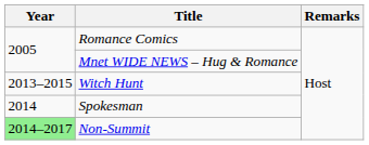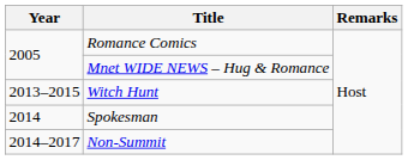 <table class="wikitable">
 <tr>
 <th>Year</th>
 <th>Title</th>
 <th>Remarks</th>
 </tr>
 <tr>
 <td rowspan="2">2005</td>
 <td><em>Romance Comics</em></td>
 <td rowspan="5">Host</td>
 </tr>
 <tr>
 <td><em><a href='#'>Mnet WIDE NEWS</a> – Hug & Romance</em></td>
 </tr>
 <tr>
 <td>2013–2015</td>
 <td><em><a href='#'>Witch Hunt</a></em></td>
 </tr>
 <tr>
 <td>2014</td>
 <td><em>Spokesman</em></td>
 </tr>
 <tr>
-<td style="background: lightgreen;">2014–2017</td>
+<td>2014–2017</td>
 <td><em><a href='#'>Non-Summit</a></em></td>
 </tr>
 </table>
